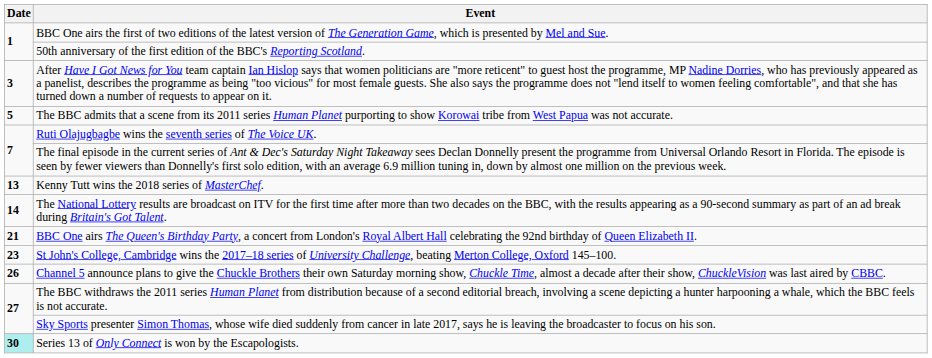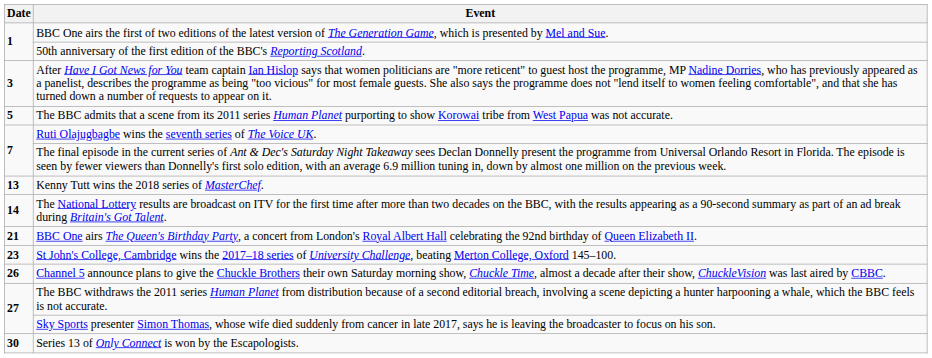 <table class="wikitable">
 <tr>
 <th>Date</th>
 <th>Event</th>
 </tr>
 <tr>
 <td rowspan=2><strong>1</strong></td>
 <td>BBC One airs the first of two editions of the latest version of <em><a href='#'>The Generation Game</a></em>, which is presented by <a href='#'>Mel and Sue</a>.</td>
 </tr>
 <tr>
 <td>50th anniversary of the first edition of the BBC's <em><a href='#'>Reporting Scotland</a></em>.</td>
 </tr>
 <tr>
 <td><strong>3</strong></td>
 <td>After <em><a href='#'>Have I Got News for You</a></em> team captain <a href='#'>Ian Hislop</a> says that women politicians are "more reticent" to guest host the programme, MP <a href='#'>Nadine Dorries</a>, who has previously appeared as a panelist, describes the programme as being "too vicious" for most female guests. She also says the programme does not "lend itself to women feeling comfortable", and that she has turned down a number of requests to appear on it.</td>
 </tr>
 <tr>
 <td><strong>5</strong></td>
 <td>The BBC admits that a scene from its 2011 series <em><a href='#'>Human Planet</a></em> purporting to show <a href='#'>Korowai</a> tribe from <a href='#'>West Papua</a> was not accurate.</td>
 </tr>
 <tr>
 <td rowspan=2><strong>7</strong></td>
 <td><a href='#'>Ruti Olajugbagbe</a> wins the <a href='#'>seventh series</a> of <em><a href='#'>The Voice UK</a></em>.</td>
 </tr>
 <tr>
 <td>The final episode in the current series of <em>Ant & Dec's Saturday Night Takeaway</em> sees Declan Donnelly present the programme from Universal Orlando Resort in Florida. The episode is seen by fewer viewers than Donnelly's first solo edition, with an average 6.9 million tuning in, down by almost one million on the previous week.</td>
 </tr>
 <tr>
 <td><strong>13</strong></td>
 <td>Kenny Tutt wins the 2018 series of <em><a href='#'>MasterChef</a></em>.</td>
 </tr>
 <tr>
 <td><strong>14</strong></td>
 <td>The <a href='#'>National Lottery</a> results are broadcast on ITV for the first time after more than two decades on the BBC, with the results appearing as a 90-second summary as part of an ad break during <em><a href='#'>Britain's Got Talent</a></em>.</td>
 </tr>
 <tr>
 <td><strong>21</strong></td>
 <td><a href='#'>BBC One</a> airs <em><a href='#'>The Queen's Birthday Party</a></em>, a concert from London's <a href='#'>Royal Albert Hall</a> celebrating the 92nd birthday of <a href='#'>Queen Elizabeth II</a>.</td>
 </tr>
 <tr>
 <td><strong>23</strong></td>
 <td><a href='#'>St John's College, Cambridge</a> wins the <a href='#'>2017–18 series</a> of <em><a href='#'>University Challenge</a></em>, beating <a href='#'>Merton College, Oxford</a> 145–100.</td>
 </tr>
 <tr>
 <td><strong>26</strong></td>
 <td><a href='#'>Channel 5</a> announce plans to give the <a href='#'>Chuckle Brothers</a> their own Saturday morning show, <em><a href='#'>Chuckle Time</a></em>, almost a decade after their show, <em><a href='#'>ChuckleVision</a></em> was last aired by <a href='#'>CBBC</a>.</td>
 </tr>
 <tr>
 <td rowspan=2><strong>27</strong></td>
 <td>The BBC withdraws the 2011 series <em><a href='#'>Human Planet</a></em> from distribution because of a second editorial breach, involving a scene depicting a hunter harpooning a whale, which the BBC feels is not accurate.</td>
 </tr>
 <tr>
 <td><a href='#'>Sky Sports</a> presenter <a href='#'>Simon Thomas</a>, whose wife died suddenly from cancer in late 2017, says he is leaving the broadcaster to focus on his son.</td>
 </tr>
 <tr>
-<td style="background: paleturquoise;"><strong>30</strong></td>
+<td><strong>30</strong></td>
 <td>Series 13 of <em><a href='#'>Only Connect</a></em> is won by the Escapologists.</td>
 </tr>
 </table>
